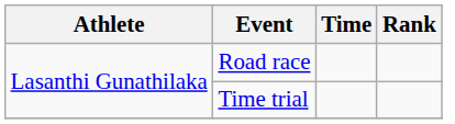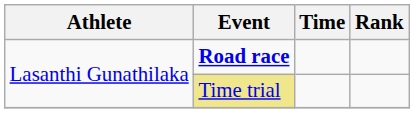 <table class=wikitable style="font-size:90%">
 <tr>
 <th>Athlete</th>
 <th>Event</th>
 <th>Time</th>
 <th>Rank</th>
 </tr>
 <tr>
 <td rowspan="2"><a href='#'>Lasanthi Gunathilaka</a></td>
-<td><a href='#'>Road race</a></td>
+<td><strong><a href='#'>Road race</a></strong></td>
 <td></td>
 <td></td>
 </tr>
 <tr>
-<td><a href='#'>Time trial</a></td>
+<td style="background: khaki;"><a href='#'>Time trial</a></td>
 <td></td>
 <td></td>
 </tr>
 <tr>
 </tr>
 </table>
